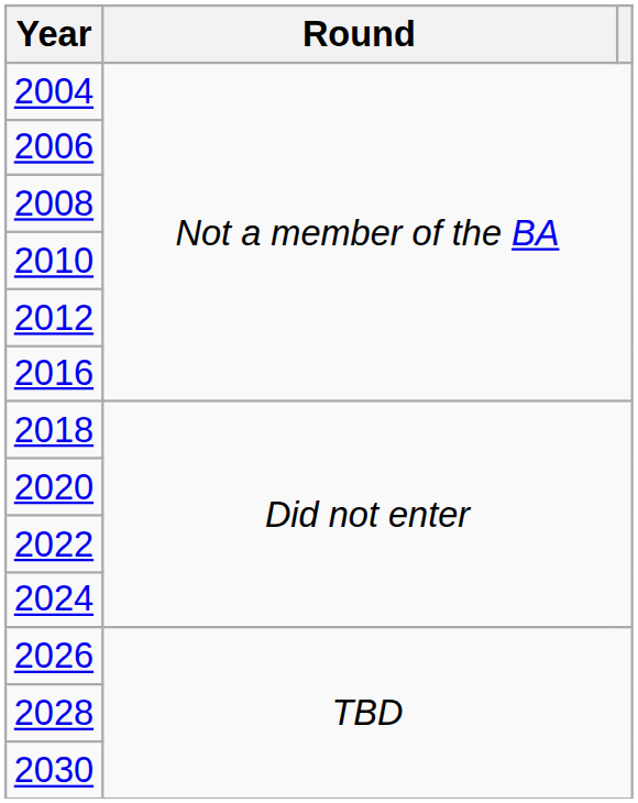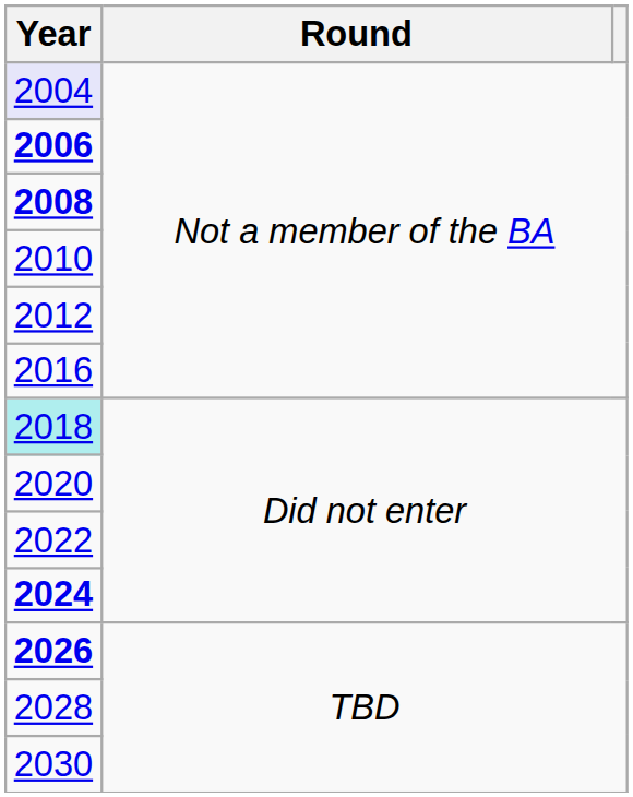 <table class="wikitable" style="text-align: center; font-size:90%">
 <tr>
 <th>Year</th>
 <th style="width:200px">Round</th>
 <th></th>
 </tr>
 <tr>
-<td><a href='#'>2004</a></td>
+<td style="background: lavender;"><a href='#'>2004</a></td>
 <td colspan="2" rowspan="6"><em>Not a member of the <a href='#'>BA</a></em></td>
 </tr>
 <tr>
-<td><a href='#'>2006</a></td>
+<td><strong><a href='#'>2006</a></strong></td>
 </tr>
 <tr>
-<td><a href='#'>2008</a></td>
+<td><strong><a href='#'>2008</a></strong></td>
 </tr>
 <tr>
 <td><a href='#'>2010</a></td>
 </tr>
 <tr>
 <td><a href='#'>2012</a></td>
 </tr>
 <tr>
 <td><a href='#'>2016</a></td>
 </tr>
 <tr>
-<td><a href='#'>2018</a></td>
+<td style="background: paleturquoise;"><a href='#'>2018</a></td>
 <td colspan="2" rowspan="4"><em>Did not enter</em></td>
 </tr>
 <tr>
 <td><a href='#'>2020</a></td>
 </tr>
 <tr>
 <td><a href='#'>2022</a></td>
 </tr>
 <tr>
-<td><a href='#'>2024</a></td>
+<td><strong><a href='#'>2024</a></strong></td>
 </tr>
 <tr>
-<td><a href='#'>2026</a></td>
+<td><strong><a href='#'>2026</a></strong></td>
 <td colspan="2" rowspan="3"><em>TBD</em></td>
 </tr>
 <tr>
 <td><a href='#'>2028</a></td>
 </tr>
 <tr>
 <td><a href='#'>2030</a></td>
 </tr>
 </table>
